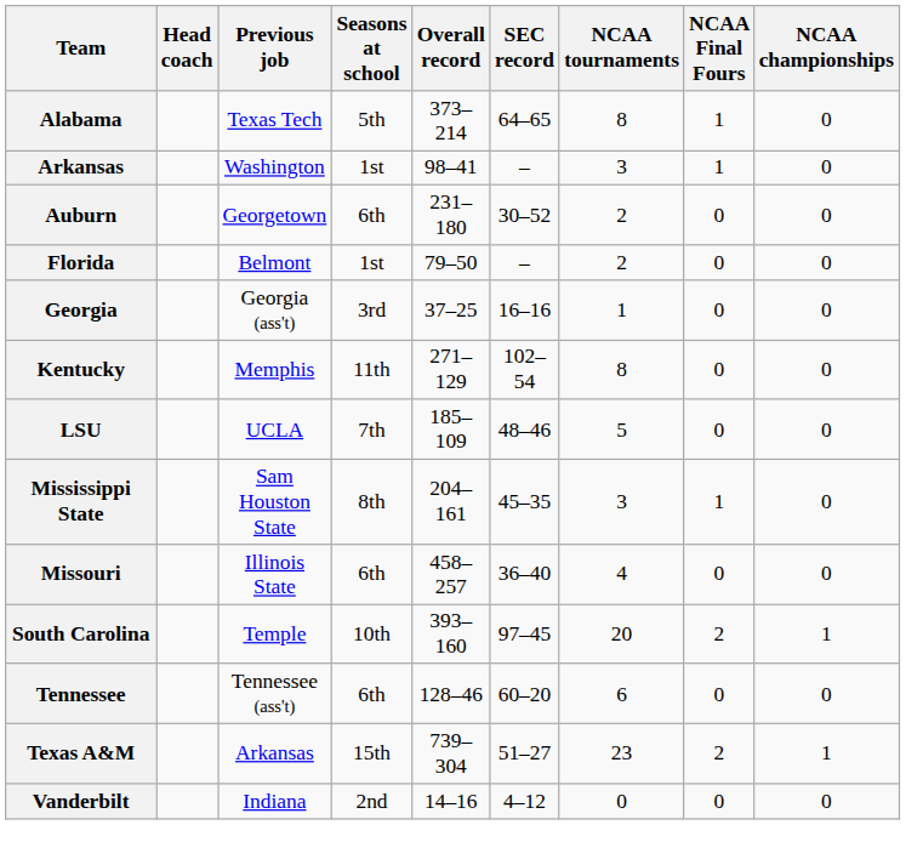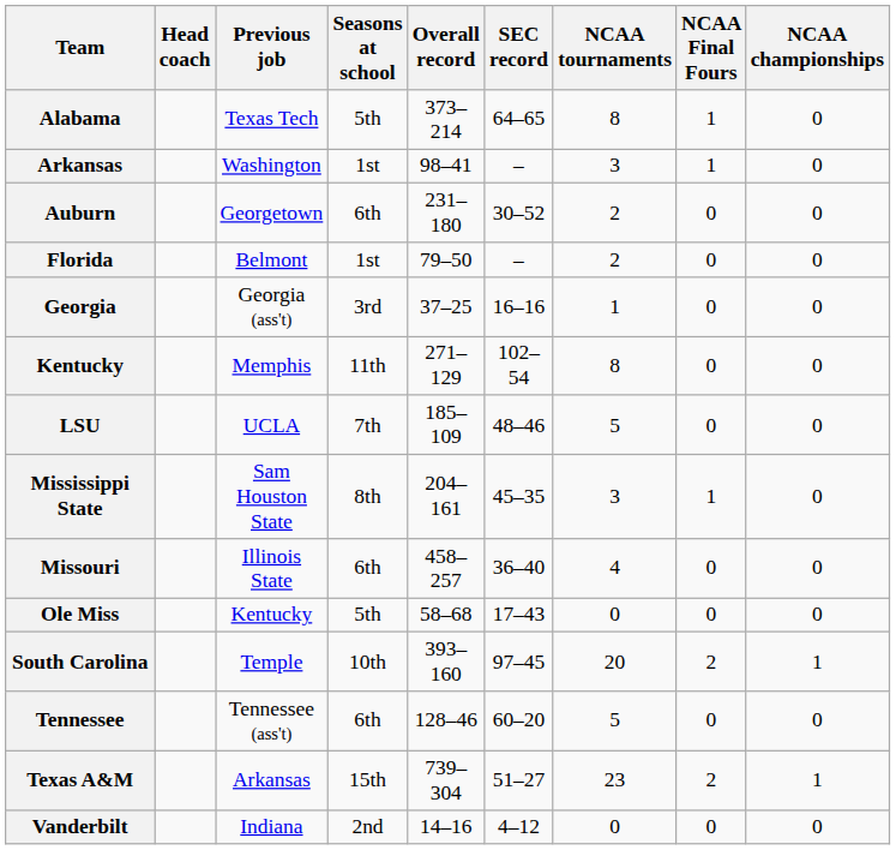 <table class="wikitable sortable" style="text-align: center;font-size:90%;">
 <tr>
 <th width="110">Team</th>
 <th>Head coach</th>
 <th>Previous job</th>
 <th>Seasons at school</th>
 <th>Overall record</th>
 <th>SEC record</th>
 <th>NCAA tournaments</th>
 <th>NCAA Final Fours</th>
 <th>NCAA championships</th>
 </tr>
 <tr>
 <th>Alabama</th>
 <td></td>
 <td><a href='#'>Texas Tech</a></td>
 <td>5th</td>
 <td>373–214</td>
 <td>64–65</td>
 <td>8</td>
 <td>1</td>
 <td>0</td>
 </tr>
 <tr>
 <th>Arkansas</th>
 <td></td>
 <td><a href='#'>Washington</a></td>
 <td>1st</td>
 <td>98–41</td>
 <td>–</td>
 <td>3</td>
 <td>1</td>
 <td>0</td>
 </tr>
 <tr>
 <th>Auburn</th>
 <td></td>
 <td><a href='#'>Georgetown</a></td>
 <td>6th</td>
 <td>231–180</td>
 <td>30–52</td>
 <td>2</td>
 <td>0</td>
 <td>0</td>
 </tr>
 <tr>
 <th>Florida</th>
 <td></td>
 <td><a href='#'>Belmont</a></td>
 <td>1st</td>
 <td>79–50</td>
 <td>–</td>
 <td>2</td>
 <td>0</td>
 <td>0</td>
 </tr>
 <tr>
 <th>Georgia</th>
 <td></td>
 <td>Georgia <small>(ass't)</small></td>
 <td>3rd</td>
 <td>37–25</td>
 <td>16–16</td>
 <td>1</td>
 <td>0</td>
 <td>0</td>
 </tr>
 <tr>
 <th>Kentucky</th>
 <td></td>
 <td><a href='#'>Memphis</a></td>
 <td>11th</td>
 <td>271–129</td>
 <td>102–54</td>
 <td>8</td>
 <td>0</td>
 <td>0</td>
 </tr>
 <tr>
 <th>LSU</th>
 <td></td>
 <td><a href='#'>UCLA</a></td>
 <td>7th</td>
 <td>185–109</td>
 <td>48–46</td>
 <td>5</td>
 <td>0</td>
 <td>0</td>
 </tr>
 <tr>
 <th>Mississippi State</th>
 <td></td>
 <td><a href='#'>Sam Houston State</a></td>
 <td>8th</td>
 <td>204–161</td>
 <td>45–35</td>
 <td>3</td>
 <td>1</td>
 <td>0</td>
 </tr>
 <tr>
 <th>Missouri</th>
 <td></td>
 <td><a href='#'>Illinois State</a></td>
 <td>6th</td>
 <td>458–257</td>
 <td>36–40</td>
 <td>4</td>
 <td>0</td>
 <td>0</td>
 </tr>
 <tr>
+<th>Ole Miss</th>
+<td></td>
+<td><a href='#'>Kentucky</a></td>
+<td>5th</td>
+<td>58–68</td>
+<td>17–43</td>
+<td>0</td>
+<td>0</td>
+<td>0</td>
+</tr>
+<tr>
 <th>South Carolina</th>
 <td></td>
 <td><a href='#'>Temple</a></td>
 <td>10th</td>
 <td>393–160</td>
 <td>97–45</td>
 <td>20</td>
 <td>2</td>
 <td>1</td>
 </tr>
 <tr>
 <th>Tennessee</th>
 <td></td>
 <td>Tennessee <small>(ass't)</small></td>
 <td>6th</td>
 <td>128–46</td>
 <td>60–20</td>
-<td>6</td>
+<td>5</td>
 <td>0</td>
 <td>0</td>
 </tr>
 <tr>
 <th>Texas A&M</th>
 <td></td>
 <td><a href='#'>Arkansas</a></td>
 <td>15th</td>
 <td>739–304</td>
 <td>51–27</td>
 <td>23</td>
 <td>2</td>
 <td>1</td>
 </tr>
 <tr>
 <th>Vanderbilt</th>
 <td></td>
 <td><a href='#'>Indiana</a></td>
 <td>2nd</td>
 <td>14–16</td>
 <td>4–12</td>
 <td>0</td>
 <td>0</td>
 <td>0</td>
 </tr>
 </table>
